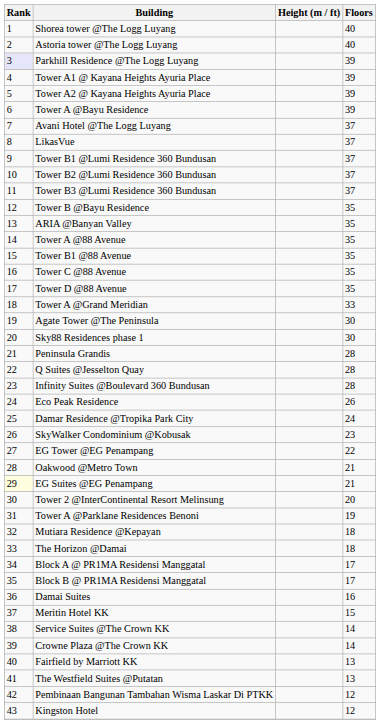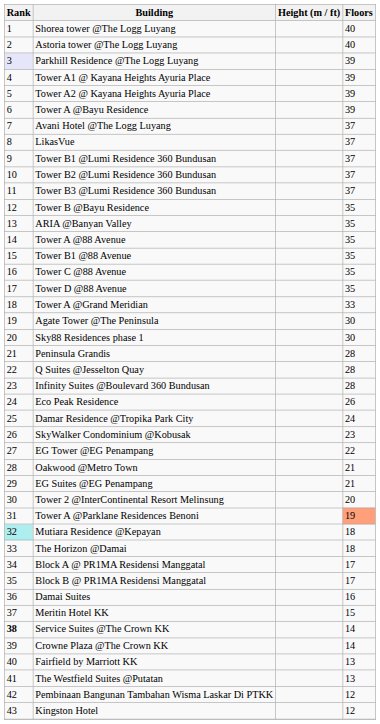 <table class="wikitable unsortable">
 <tr>
 <th>Rank</th>
 <th>Building</th>
 <th>Height (m / ft)</th>
 <th>Floors</th>
 </tr>
 <tr>
 <td>1</td>
 <td>Shorea tower @The Logg Luyang</td>
 <td></td>
 <td>40</td>
 </tr>
 <tr>
 <td>2</td>
 <td>Astoria tower @The Logg Luyang</td>
 <td></td>
 <td>40</td>
 </tr>
 <tr>
 <td style="background: lavender;">3</td>
 <td>Parkhill Residence @The Logg Luyang</td>
 <td></td>
 <td>39</td>
 </tr>
 <tr>
 <td>4</td>
 <td>Tower A1 @ Kayana Heights Ayuria Place</td>
 <td></td>
 <td>39</td>
 </tr>
 <tr>
 <td>5</td>
 <td>Tower A2 @ Kayana Heights Ayuria Place</td>
 <td></td>
 <td>39</td>
 </tr>
 <tr>
 <td>6</td>
 <td>Tower A @Bayu Residence</td>
 <td></td>
 <td>39</td>
 </tr>
 <tr>
 <td>7</td>
 <td>Avani Hotel @The Logg Luyang</td>
 <td></td>
 <td>37</td>
 </tr>
 <tr>
 <td>8</td>
 <td>LikasVue</td>
 <td></td>
 <td>37</td>
 </tr>
 <tr>
 <td>9</td>
 <td>Tower B1 @Lumi Residence 360 Bundusan</td>
 <td></td>
 <td>37</td>
 </tr>
 <tr>
 <td>10</td>
 <td>Tower B2 @Lumi Residence 360 Bundusan</td>
 <td></td>
 <td>37</td>
 </tr>
 <tr>
 <td>11</td>
 <td>Tower B3 @Lumi Residence 360 Bundusan</td>
 <td></td>
 <td>37</td>
 </tr>
 <tr>
 <td>12</td>
 <td>Tower B @Bayu Residence</td>
 <td></td>
 <td>35</td>
 </tr>
 <tr>
 <td>13</td>
 <td>ARIA @Banyan Valley</td>
 <td></td>
 <td>35</td>
 </tr>
 <tr>
 <td>14</td>
 <td>Tower A @88 Avenue</td>
 <td></td>
 <td>35</td>
 </tr>
 <tr>
 <td>15</td>
 <td>Tower B1 @88 Avenue</td>
 <td></td>
 <td>35</td>
 </tr>
 <tr>
 <td>16</td>
 <td>Tower C @88 Avenue</td>
 <td></td>
 <td>35</td>
 </tr>
 <tr>
 <td>17</td>
 <td>Tower D @88 Avenue</td>
 <td></td>
 <td>35</td>
 </tr>
 <tr>
 <td>18</td>
 <td>Tower A @Grand Meridian</td>
 <td></td>
 <td>33</td>
 </tr>
 <tr>
 <td>19</td>
 <td>Agate Tower @The Peninsula</td>
 <td></td>
 <td>30</td>
 </tr>
 <tr>
 <td>20</td>
 <td>Sky88 Residences phase 1</td>
 <td></td>
 <td>30</td>
 </tr>
 <tr>
 <td>21</td>
 <td>Peninsula Grandis</td>
 <td></td>
 <td>28</td>
 </tr>
 <tr>
 <td>22</td>
 <td>Q Suites @Jesselton Quay</td>
 <td></td>
 <td>28</td>
 </tr>
 <tr>
 <td>23</td>
 <td>Infinity Suites @Boulevard 360 Bundusan</td>
 <td></td>
 <td>28</td>
 </tr>
 <tr>
 <td>24</td>
 <td>Eco Peak Residence</td>
 <td></td>
 <td>26</td>
 </tr>
 <tr>
 <td>25</td>
 <td>Damar Residence @Tropika Park City</td>
 <td></td>
 <td>24</td>
 </tr>
 <tr>
 <td>26</td>
 <td>SkyWalker Condominium @Kobusak</td>
 <td></td>
 <td>23</td>
 </tr>
 <tr>
 <td>27</td>
 <td>EG Tower @EG Penampang</td>
 <td></td>
 <td>22</td>
 </tr>
 <tr>
 <td>28</td>
 <td>Oakwood @Metro Town</td>
 <td></td>
 <td>21</td>
 </tr>
 <tr>
-<td style="background: lightyellow;">29</td>
+<td>29</td>
 <td>EG Suites @EG Penampang</td>
 <td></td>
 <td>21</td>
 </tr>
 <tr>
 <td>30</td>
 <td>Tower 2 @InterContinental Resort Melinsung</td>
 <td></td>
 <td>20</td>
 </tr>
 <tr>
 <td>31</td>
 <td>Tower A @Parklane Residences Benoni</td>
 <td></td>
-<td>19</td>
+<td style="background: lightsalmon;">19</td>
 </tr>
 <tr>
-<td>32</td>
+<td style="background: paleturquoise;">32</td>
 <td>Mutiara Residence @Kepayan</td>
 <td></td>
 <td>18</td>
 </tr>
 <tr>
 <td>33</td>
 <td>The Horizon @Damai</td>
 <td></td>
 <td>18</td>
 </tr>
 <tr>
 <td>34</td>
 <td>Block A @ PR1MA Residensi Manggatal</td>
 <td></td>
 <td>17</td>
 </tr>
 <tr>
 <td>35</td>
 <td>Block B @ PR1MA Residensi Manggatal</td>
 <td></td>
 <td>17</td>
 </tr>
 <tr>
 <td>36</td>
 <td>Damai Suites</td>
 <td></td>
 <td>16</td>
 </tr>
 <tr>
 <td>37</td>
 <td>Meritin Hotel KK</td>
 <td></td>
 <td>15</td>
 </tr>
 <tr>
-<td>38</td>
+<td><strong>38</strong></td>
 <td>Service Suites @The Crown KK</td>
 <td></td>
 <td>14</td>
 </tr>
 <tr>
 <td>39</td>
 <td>Crowne Plaza @The Crown KK</td>
 <td></td>
 <td>14</td>
 </tr>
 <tr>
 <td>40</td>
 <td>Fairfield by Marriott KK</td>
 <td></td>
 <td>13</td>
 </tr>
 <tr>
 <td>41</td>
 <td>The Westfield Suites @Putatan</td>
 <td></td>
 <td>13</td>
 </tr>
 <tr>
 <td>42</td>
 <td>Pembinaan Bangunan Tambahan Wisma Laskar Di PTKK</td>
 <td></td>
 <td>12</td>
 </tr>
 <tr>
 <td>43</td>
 <td>Kingston Hotel</td>
 <td></td>
 <td>12</td>
 </tr>
 <tr>
 </tr>
 </table>
